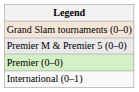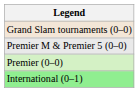 <table class="wikitable" style="font-size:90%">
 <tr>
 <th>Legend</th>
 </tr>
 <tr>
 <td style="background:#f3e6d7;">Grand Slam tournaments (0–0)</td>
 </tr>
 <tr>
 <td style="background:#e9e9e9;">Premier M & Premier 5 (0–0)</td>
 </tr>
 <tr>
 <td style="background:#d4f1c5;">Premier (0–0)</td>
 </tr>
 <tr>
-<td>International (0–1)</td>
+<td style="background: lightgreen;">International (0–1)</td>
 </tr>
 </table>
